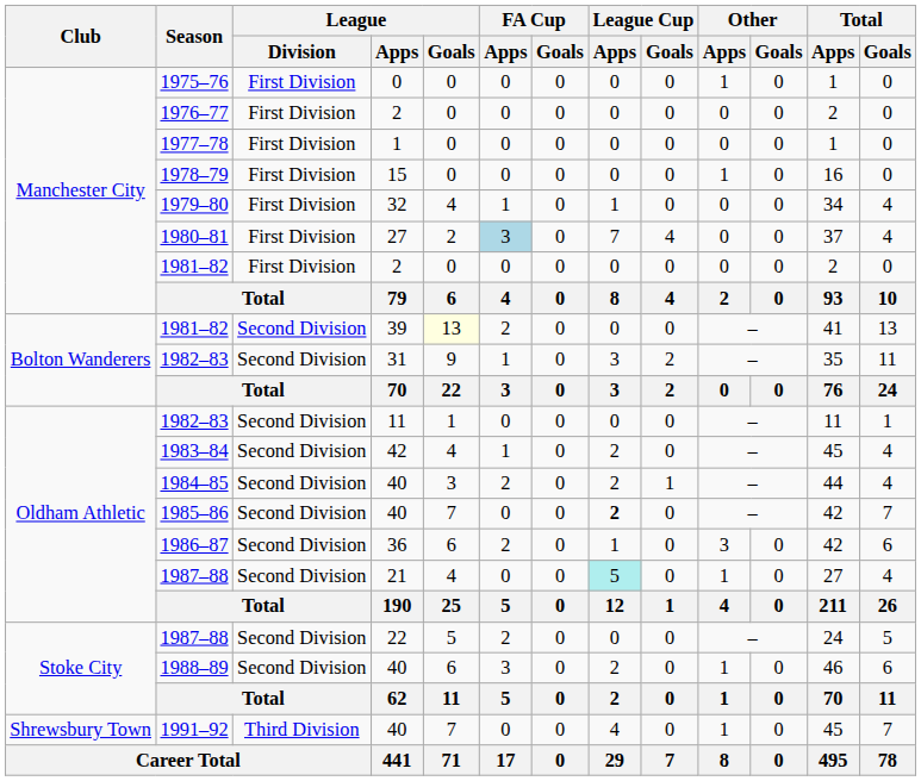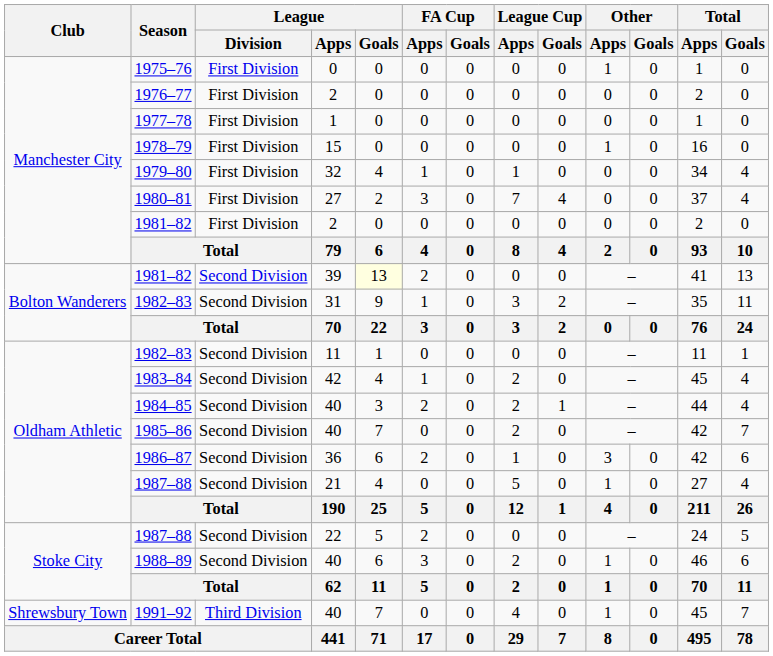 <table class="wikitable" style="text-align: center;">
 <tr>
 <th rowspan="2">Club</th>
 <th rowspan="2">Season</th>
 <th colspan="3">League</th>
 <th colspan="2">FA Cup</th>
 <th colspan="2">League Cup</th>
 <th colspan="2">Other</th>
 <th colspan="2">Total</th>
 </tr>
 <tr>
 <th>Division</th>
 <th>Apps</th>
 <th>Goals</th>
 <th>Apps</th>
 <th>Goals</th>
 <th>Apps</th>
 <th>Goals</th>
 <th>Apps</th>
 <th>Goals</th>
 <th>Apps</th>
 <th>Goals</th>
 </tr>
 <tr>
 <td rowspan="8"><a href='#'>Manchester City</a></td>
 <td><a href='#'>1975–76</a></td>
 <td><a href='#'>First Division</a></td>
 <td>0</td>
 <td>0</td>
 <td>0</td>
 <td>0</td>
 <td>0</td>
 <td>0</td>
 <td>1</td>
 <td>0</td>
 <td>1</td>
 <td>0</td>
 </tr>
 <tr>
 <td><a href='#'>1976–77</a></td>
 <td>First Division</td>
 <td>2</td>
 <td>0</td>
 <td>0</td>
 <td>0</td>
 <td>0</td>
 <td>0</td>
 <td>0</td>
 <td>0</td>
 <td>2</td>
 <td>0</td>
 </tr>
 <tr>
 <td><a href='#'>1977–78</a></td>
 <td>First Division</td>
 <td>1</td>
 <td>0</td>
 <td>0</td>
 <td>0</td>
 <td>0</td>
 <td>0</td>
 <td>0</td>
 <td>0</td>
 <td>1</td>
 <td>0</td>
 </tr>
 <tr>
 <td><a href='#'>1978–79</a></td>
 <td>First Division</td>
 <td>15</td>
 <td>0</td>
 <td>0</td>
 <td>0</td>
 <td>0</td>
 <td>0</td>
 <td>1</td>
 <td>0</td>
 <td>16</td>
 <td>0</td>
 </tr>
 <tr>
 <td><a href='#'>1979–80</a></td>
 <td>First Division</td>
 <td>32</td>
 <td>4</td>
 <td>1</td>
 <td>0</td>
 <td>1</td>
 <td>0</td>
 <td>0</td>
 <td>0</td>
 <td>34</td>
 <td>4</td>
 </tr>
 <tr>
 <td><a href='#'>1980–81</a></td>
 <td>First Division</td>
 <td>27</td>
 <td>2</td>
-<td style="background: lightblue;">3</td>
+<td>3</td>
 <td>0</td>
 <td>7</td>
 <td>4</td>
 <td>0</td>
 <td>0</td>
 <td>37</td>
 <td>4</td>
 </tr>
 <tr>
 <td><a href='#'>1981–82</a></td>
 <td>First Division</td>
 <td>2</td>
 <td>0</td>
 <td>0</td>
 <td>0</td>
 <td>0</td>
 <td>0</td>
 <td>0</td>
 <td>0</td>
 <td>2</td>
 <td>0</td>
 </tr>
 <tr>
 <th colspan=2>Total</th>
 <th>79</th>
 <th>6</th>
 <th>4</th>
 <th>0</th>
 <th>8</th>
 <th>4</th>
 <th>2</th>
 <th>0</th>
 <th>93</th>
 <th>10</th>
 </tr>
 <tr>
 <td rowspan="3"><a href='#'>Bolton Wanderers</a></td>
 <td><a href='#'>1981–82</a></td>
 <td><a href='#'>Second Division</a></td>
 <td>39</td>
 <td style="background: lightyellow;">13</td>
 <td>2</td>
 <td>0</td>
 <td>0</td>
 <td>0</td>
 <td colspan="2">–</td>
 <td>41</td>
 <td>13</td>
 </tr>
 <tr>
 <td><a href='#'>1982–83</a></td>
 <td>Second Division</td>
 <td>31</td>
 <td>9</td>
 <td>1</td>
 <td>0</td>
 <td>3</td>
 <td>2</td>
 <td colspan="2">–</td>
 <td>35</td>
 <td>11</td>
 </tr>
 <tr>
 <th colspan=2>Total</th>
 <th>70</th>
 <th>22</th>
 <th>3</th>
 <th>0</th>
 <th>3</th>
 <th>2</th>
 <th>0</th>
 <th>0</th>
 <th>76</th>
 <th>24</th>
 </tr>
 <tr>
 <td rowspan="7"><a href='#'>Oldham Athletic</a></td>
 <td><a href='#'>1982–83</a></td>
 <td>Second Division</td>
 <td>11</td>
 <td>1</td>
 <td>0</td>
 <td>0</td>
 <td>0</td>
 <td>0</td>
 <td colspan="2">–</td>
 <td>11</td>
 <td>1</td>
 </tr>
 <tr>
 <td><a href='#'>1983–84</a></td>
 <td>Second Division</td>
 <td>42</td>
 <td>4</td>
 <td>1</td>
 <td>0</td>
 <td>2</td>
 <td>0</td>
 <td colspan="2">–</td>
 <td>45</td>
 <td>4</td>
 </tr>
 <tr>
 <td><a href='#'>1984–85</a></td>
 <td>Second Division</td>
 <td>40</td>
 <td>3</td>
 <td>2</td>
 <td>0</td>
 <td>2</td>
 <td>1</td>
 <td colspan="2">–</td>
 <td>44</td>
 <td>4</td>
 </tr>
 <tr>
 <td><a href='#'>1985–86</a></td>
 <td>Second Division</td>
 <td>40</td>
 <td>7</td>
 <td>0</td>
 <td>0</td>
-<td><strong>2</strong></td>
+<td>2</td>
 <td>0</td>
 <td colspan="2">–</td>
 <td>42</td>
 <td>7</td>
 </tr>
 <tr>
 <td><a href='#'>1986–87</a></td>
 <td>Second Division</td>
 <td>36</td>
 <td>6</td>
 <td>2</td>
 <td>0</td>
 <td>1</td>
 <td>0</td>
 <td>3</td>
 <td>0</td>
 <td>42</td>
 <td>6</td>
 </tr>
 <tr>
 <td><a href='#'>1987–88</a></td>
 <td>Second Division</td>
 <td>21</td>
 <td>4</td>
 <td>0</td>
 <td>0</td>
-<td style="background: paleturquoise;">5</td>
+<td>5</td>
 <td>0</td>
 <td>1</td>
 <td>0</td>
 <td>27</td>
 <td>4</td>
 </tr>
 <tr>
 <th colspan=2>Total</th>
 <th>190</th>
 <th>25</th>
 <th>5</th>
 <th>0</th>
 <th>12</th>
 <th>1</th>
 <th>4</th>
 <th>0</th>
 <th>211</th>
 <th>26</th>
 </tr>
 <tr>
 <td rowspan="3"><a href='#'>Stoke City</a></td>
 <td><a href='#'>1987–88</a></td>
 <td>Second Division</td>
 <td>22</td>
 <td>5</td>
 <td>2</td>
 <td>0</td>
 <td>0</td>
 <td>0</td>
 <td colspan="2">–</td>
 <td>24</td>
 <td>5</td>
 </tr>
 <tr>
 <td><a href='#'>1988–89</a></td>
 <td>Second Division</td>
 <td>40</td>
 <td>6</td>
 <td>3</td>
 <td>0</td>
 <td>2</td>
 <td>0</td>
 <td>1</td>
 <td>0</td>
 <td>46</td>
 <td>6</td>
 </tr>
 <tr>
 <th colspan=2>Total</th>
 <th>62</th>
 <th>11</th>
 <th>5</th>
 <th>0</th>
 <th>2</th>
 <th>0</th>
 <th>1</th>
 <th>0</th>
 <th>70</th>
 <th>11</th>
 </tr>
 <tr>
 <td><a href='#'>Shrewsbury Town</a></td>
 <td><a href='#'>1991–92</a></td>
 <td><a href='#'>Third Division</a></td>
 <td>40</td>
 <td>7</td>
 <td>0</td>
 <td>0</td>
 <td>4</td>
 <td>0</td>
 <td>1</td>
 <td>0</td>
 <td>45</td>
 <td>7</td>
 </tr>
 <tr>
 <th colspan=3>Career Total</th>
 <th>441</th>
 <th>71</th>
 <th>17</th>
 <th>0</th>
 <th>29</th>
 <th>7</th>
 <th>8</th>
 <th>0</th>
 <th>495</th>
 <th>78</th>
 </tr>
 </table>
